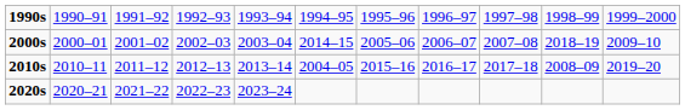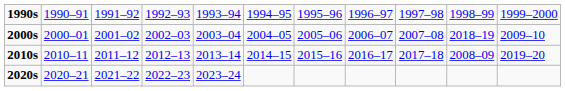 <table class="wikitable">
 <tr>
 <td><strong>1990s</strong></td>
 <td><a href='#'>1990–91</a></td>
 <td><a href='#'>1991–92</a></td>
 <td><a href='#'>1992–93</a></td>
 <td><a href='#'>1993–94</a></td>
 <td><a href='#'>1994–95</a></td>
 <td><a href='#'>1995–96</a></td>
 <td><a href='#'>1996–97</a></td>
 <td><a href='#'>1997–98</a></td>
 <td><a href='#'>1998–99</a></td>
 <td><a href='#'>1999–2000</a></td>
 </tr>
 <tr>
 <td><strong>2000s</strong></td>
 <td><a href='#'>2000–01</a></td>
 <td><a href='#'>2001–02</a></td>
 <td><a href='#'>2002–03</a></td>
 <td><a href='#'>2003–04</a></td>
-<td><a href='#'>2014–15</a></td>
+<td><a href='#'>2004–05</a></td>
 <td><a href='#'>2005–06</a></td>
 <td><a href='#'>2006–07</a></td>
 <td><a href='#'>2007–08</a></td>
 <td><a href='#'>2018–19</a></td>
 <td><a href='#'>2009–10</a></td>
 </tr>
 <tr>
 <td><strong>2010s</strong></td>
 <td><a href='#'>2010–11</a></td>
 <td><a href='#'>2011–12</a></td>
 <td><a href='#'>2012–13</a></td>
 <td><a href='#'>2013–14</a></td>
-<td><a href='#'>2004–05</a></td>
+<td><a href='#'>2014–15</a></td>
 <td><a href='#'>2015–16</a></td>
 <td><a href='#'>2016–17</a></td>
 <td><a href='#'>2017–18</a></td>
 <td><a href='#'>2008–09</a></td>
 <td><a href='#'>2019–20</a></td>
 </tr>
 <tr>
 <td><strong>2020s</strong></td>
 <td><a href='#'>2020–21</a></td>
 <td><a href='#'>2021–22</a></td>
 <td><a href='#'>2022–23</a></td>
 <td><a href='#'>2023–24</a></td>
 <td></td>
 <td></td>
 <td></td>
 <td></td>
 <td></td>
 <td></td>
 </tr>
 </table>
